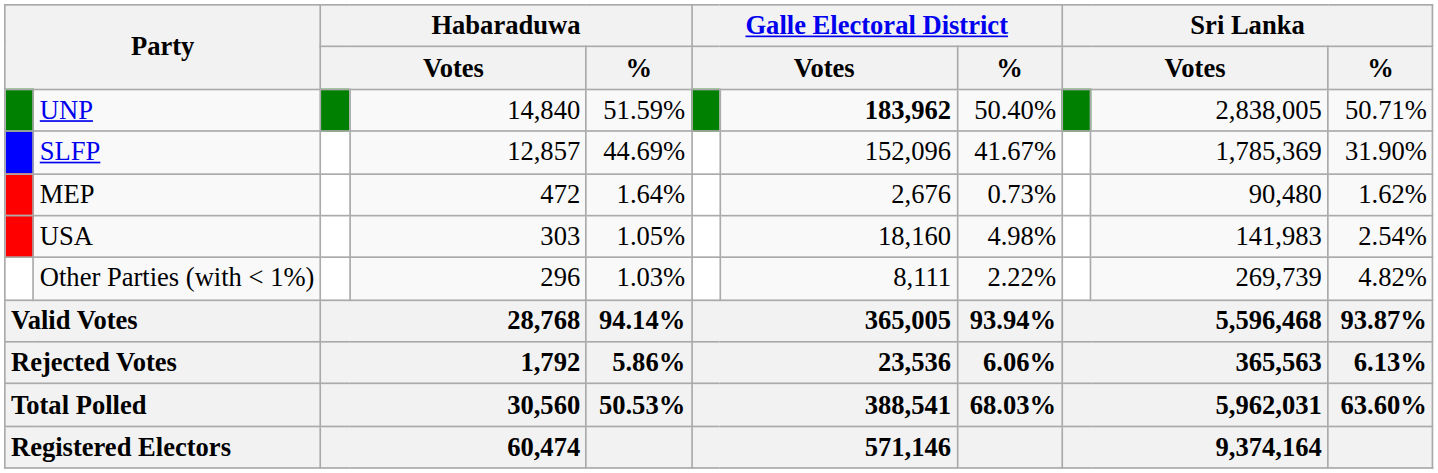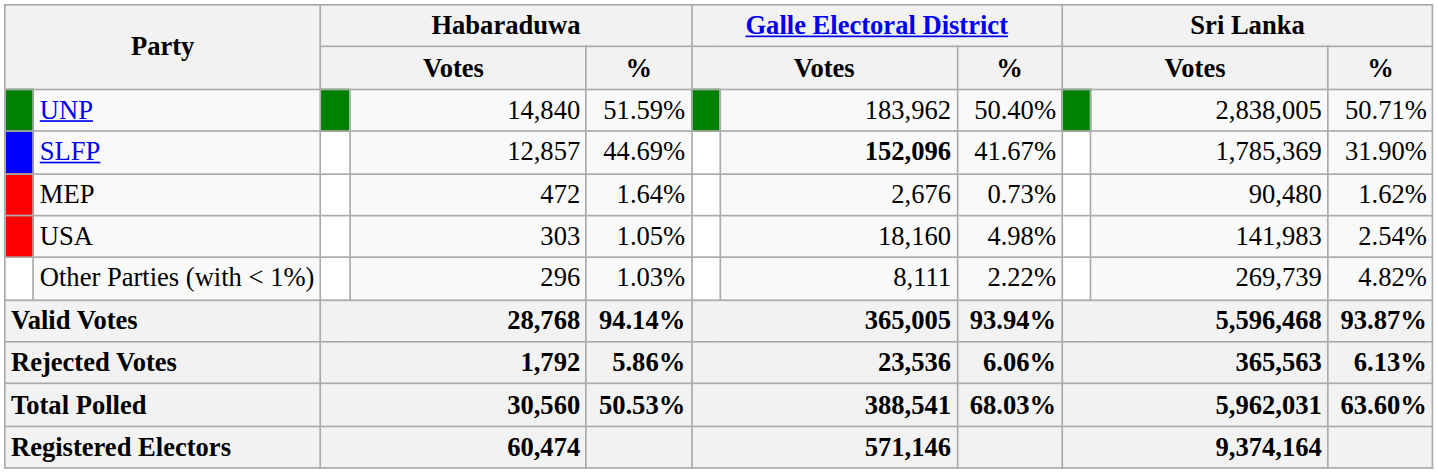 <table class="wikitable">
 <tr>
 <th colspan="2" width="144px"rowspan="2">Party</th>
 <th colspan="3" width="216px">Habaraduwa</th>
 <th colspan="3" width="216px"><a href='#'>Galle Electoral District</a></th>
 <th colspan="3" width="216px">Sri Lanka</th>
 </tr>
 <tr>
 <th colspan="2" width="144px">Votes</th>
 <th>%</th>
 <th colspan="2" width="144px">Votes</th>
 <th>%</th>
 <th colspan="2" width="144px">Votes</th>
 <th>%</th>
 </tr>
 <tr>
 <td style="background-color:green;" width="10px"></td>
 <td style="text-align:left;"><a href='#'>UNP</a></td>
 <td style="background-color:green;" width="10px"></td>
 <td style="text-align:right;">14,840</td>
 <td style="text-align:right;">51.59%</td>
 <td style="background-color:green;" width="10px"></td>
-<td style="text-align:right;"><strong>183,962</strong></td>
+<td style="text-align:right;">183,962</td>
 <td style="text-align:right;">50.40%</td>
 <td style="background-color:green;" width="10px"></td>
 <td style="text-align:right;">2,838,005</td>
 <td style="text-align:right;">50.71%</td>
 </tr>
 <tr>
 <td style="background-color:blue;" width="10px"></td>
 <td style="text-align:left;"><a href='#'>SLFP</a></td>
 <td style="background-color:white;" width="10px"></td>
 <td style="text-align:right;">12,857</td>
 <td style="text-align:right;">44.69%</td>
 <td style="background-color:white;" width="10px"></td>
-<td style="text-align:right;">152,096</td>
+<td style="text-align:right;"><strong>152,096</strong></td>
 <td style="text-align:right;">41.67%</td>
 <td style="background-color:white;" width="10px"></td>
 <td style="text-align:right;">1,785,369</td>
 <td style="text-align:right;">31.90%</td>
 </tr>
 <tr>
 <td style="background-color:red;" width="10px"></td>
 <td style="text-align:left;">MEP</td>
 <td style="background-color:white;" width="10px"></td>
 <td style="text-align:right;">472</td>
 <td style="text-align:right;">1.64%</td>
 <td style="background-color:white;" width="10px"></td>
 <td style="text-align:right;">2,676</td>
 <td style="text-align:right;">0.73%</td>
 <td style="background-color:white;" width="10px"></td>
 <td style="text-align:right;">90,480</td>
 <td style="text-align:right;">1.62%</td>
 </tr>
 <tr>
 <td style="background-color:red;" width="10px"></td>
 <td style="text-align:left;">USA</td>
 <td style="background-color:white;" width="10px"></td>
 <td style="text-align:right;">303</td>
 <td style="text-align:right;">1.05%</td>
 <td style="background-color:white;" width="10px"></td>
 <td style="text-align:right;">18,160</td>
 <td style="text-align:right;">4.98%</td>
 <td style="background-color:white;" width="10px"></td>
 <td style="text-align:right;">141,983</td>
 <td style="text-align:right;">2.54%</td>
 </tr>
 <tr>
 <td style="background-color:white;" width="10px"></td>
 <td style="text-align:left;">Other Parties (with < 1%)</td>
 <td style="background-color:white;" width="10px"></td>
 <td style="text-align:right;">296</td>
 <td style="text-align:right;">1.03%</td>
 <td style="background-color:white;" width="10px"></td>
 <td style="text-align:right;">8,111</td>
 <td style="text-align:right;">2.22%</td>
 <td style="background-color:white;" width="10px"></td>
 <td style="text-align:right;">269,739</td>
 <td style="text-align:right;">4.82%</td>
 </tr>
 <tr>
 <th colspan="2" width="144px"style="text-align:left;">Valid Votes</th>
 <th style="text-align:right;"colspan="2" width="144px">28,768</th>
 <th style="text-align:right;">94.14%</th>
 <th style="text-align:right;"colspan="2" width="144px">365,005</th>
 <th style="text-align:right;">93.94%</th>
 <th style="text-align:right;"colspan="2" width="144px">5,596,468</th>
 <th style="text-align:right;">93.87%</th>
 </tr>
 <tr>
 <th colspan="2" width="144px"style="text-align:left;">Rejected Votes</th>
 <th style="text-align:right;"colspan="2" width="144px">1,792</th>
 <th style="text-align:right;">5.86%</th>
 <th style="text-align:right;"colspan="2" width="144px">23,536</th>
 <th style="text-align:right;">6.06%</th>
 <th style="text-align:right;"colspan="2" width="144px">365,563</th>
 <th style="text-align:right;">6.13%</th>
 </tr>
 <tr>
 <th colspan="2" width="144px"style="text-align:left;">Total Polled</th>
 <th style="text-align:right;"colspan="2" width="144px">30,560</th>
 <th style="text-align:right;">50.53%</th>
 <th style="text-align:right;"colspan="2" width="144px">388,541</th>
 <th style="text-align:right;">68.03%</th>
 <th style="text-align:right;"colspan="2" width="144px">5,962,031</th>
 <th style="text-align:right;">63.60%</th>
 </tr>
 <tr>
 <th colspan="2" width="144px"style="text-align:left;">Registered Electors</th>
 <th style="text-align:right;"colspan="2" width="144px">60,474</th>
 <th></th>
 <th style="text-align:right;"colspan="2" width="144px">571,146</th>
 <th></th>
 <th style="text-align:right;"colspan="2" width="144px">9,374,164</th>
 <th></th>
 </tr>
 </table>
